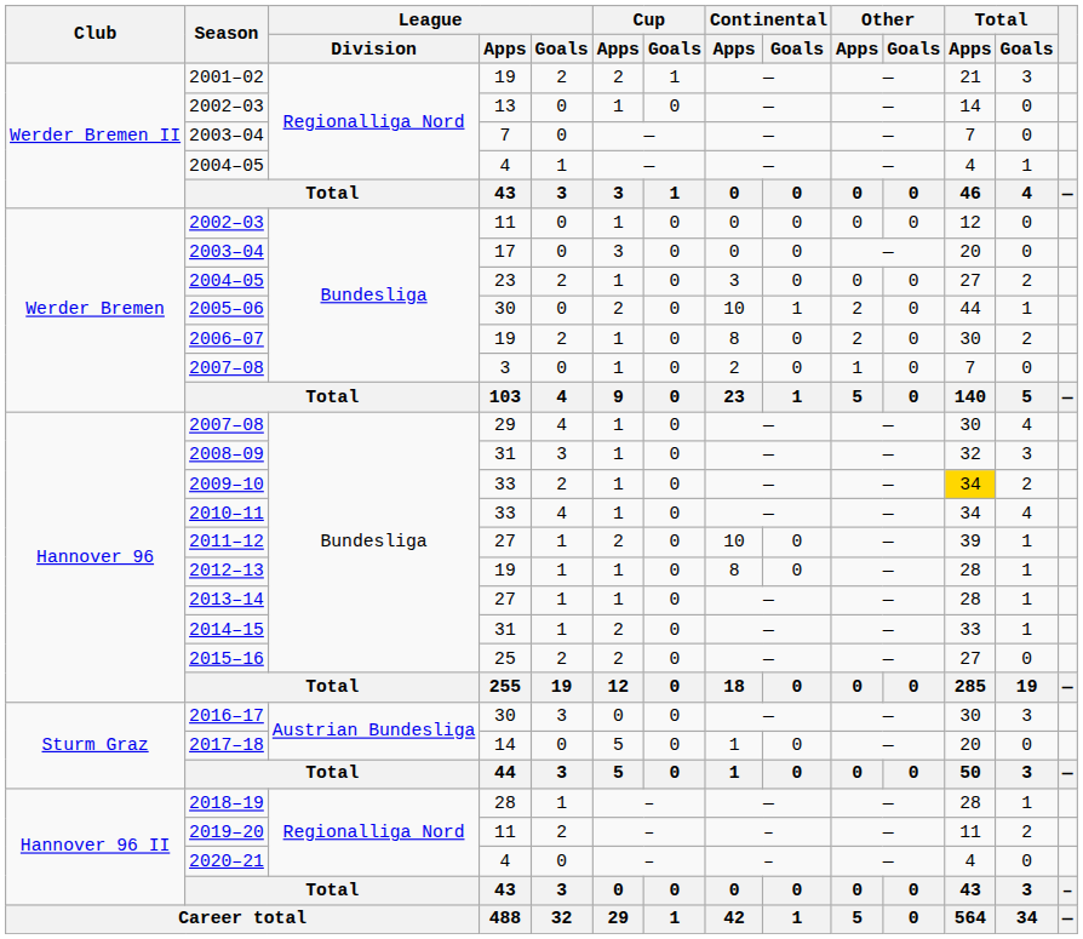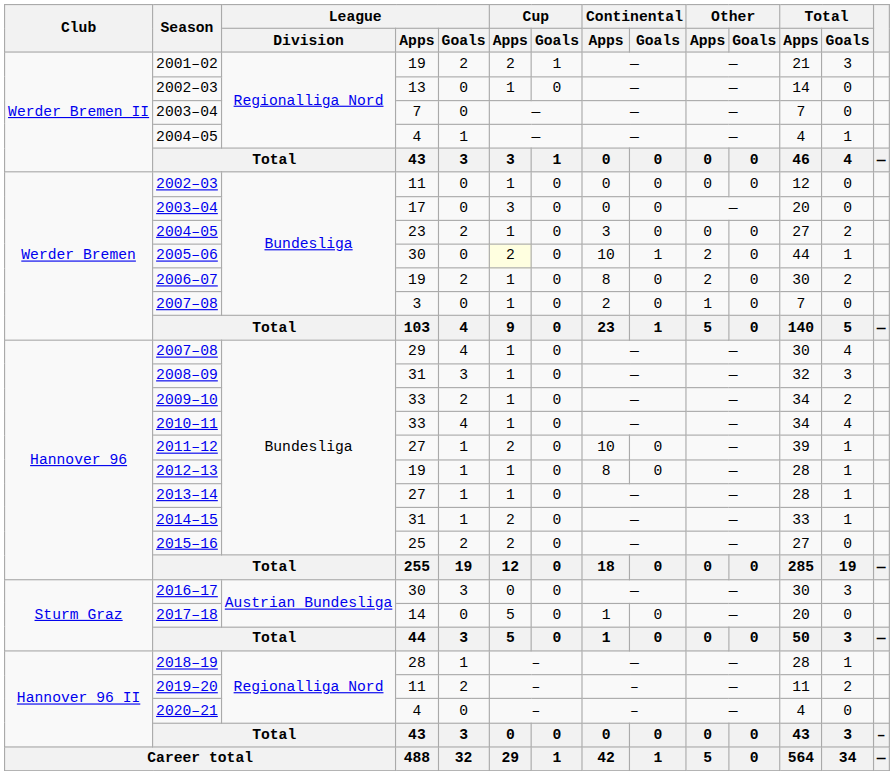 <table class="wikitable" style="text-align:center">
 <tr>
 <th rowspan="2">Club</th>
 <th rowspan="2">Season</th>
 <th colspan="3">League</th>
 <th colspan="2">Cup</th>
 <th colspan="2">Continental</th>
 <th colspan="2">Other</th>
 <th colspan="2">Total</th>
 <th rowspan="2"></th>
 </tr>
 <tr>
 <th>Division</th>
 <th>Apps</th>
 <th>Goals</th>
 <th>Apps</th>
 <th>Goals</th>
 <th>Apps</th>
 <th>Goals</th>
 <th>Apps</th>
 <th>Goals</th>
 <th>Apps</th>
 <th>Goals</th>
 </tr>
 <tr>
 <td rowspan="5"><a href='#'>Werder Bremen II</a></td>
 <td>2001–02</td>
 <td rowspan="4"><a href='#'>Regionalliga Nord</a></td>
 <td>19</td>
 <td>2</td>
 <td>2</td>
 <td>1</td>
 <td colspan="2">—</td>
 <td colspan="2">—</td>
 <td>21</td>
 <td>3</td>
 <td></td>
 </tr>
 <tr>
 <td>2002–03</td>
 <td>13</td>
 <td>0</td>
 <td>1</td>
 <td>0</td>
 <td colspan="2">—</td>
 <td colspan="2">—</td>
 <td>14</td>
 <td>0</td>
 <td></td>
 </tr>
 <tr>
 <td>2003–04</td>
 <td>7</td>
 <td>0</td>
 <td colspan="2">—</td>
 <td colspan="2">—</td>
 <td colspan="2">—</td>
 <td>7</td>
 <td>0</td>
 <td></td>
 </tr>
 <tr>
 <td>2004–05</td>
 <td>4</td>
 <td>1</td>
 <td colspan="2">—</td>
 <td colspan="2">—</td>
 <td colspan="2">—</td>
 <td>4</td>
 <td>1</td>
 <td></td>
 </tr>
 <tr>
 <th colspan="2">Total</th>
 <th>43</th>
 <th>3</th>
 <th>3</th>
 <th>1</th>
 <th>0</th>
 <th>0</th>
 <th>0</th>
 <th>0</th>
 <th>46</th>
 <th>4</th>
 <th>—</th>
 </tr>
 <tr>
 <td rowspan="7"><a href='#'>Werder Bremen</a></td>
 <td><a href='#'>2002–03</a></td>
 <td rowspan="6"><a href='#'>Bundesliga</a></td>
 <td>11</td>
 <td>0</td>
 <td>1</td>
 <td>0</td>
 <td>0</td>
 <td>0</td>
 <td>0</td>
 <td>0</td>
 <td>12</td>
 <td>0</td>
 <td></td>
 </tr>
 <tr>
 <td><a href='#'>2003–04</a></td>
 <td>17</td>
 <td>0</td>
 <td>3</td>
 <td>0</td>
 <td>0</td>
 <td>0</td>
 <td colspan="2">—</td>
 <td>20</td>
 <td>0</td>
 <td></td>
 </tr>
 <tr>
 <td><a href='#'>2004–05</a></td>
 <td>23</td>
 <td>2</td>
 <td>1</td>
 <td>0</td>
 <td>3</td>
 <td>0</td>
 <td>0</td>
 <td>0</td>
 <td>27</td>
 <td>2</td>
 <td></td>
 </tr>
 <tr>
 <td><a href='#'>2005–06</a></td>
 <td>30</td>
 <td>0</td>
-<td>2</td>
+<td style="background: lightyellow;">2</td>
 <td>0</td>
 <td>10</td>
 <td>1</td>
 <td>2</td>
 <td>0</td>
 <td>44</td>
 <td>1</td>
 <td></td>
 </tr>
 <tr>
 <td><a href='#'>2006–07</a></td>
 <td>19</td>
 <td>2</td>
 <td>1</td>
 <td>0</td>
 <td>8</td>
 <td>0</td>
 <td>2</td>
 <td>0</td>
 <td>30</td>
 <td>2</td>
 <td></td>
 </tr>
 <tr>
 <td><a href='#'>2007–08</a></td>
 <td>3</td>
 <td>0</td>
 <td>1</td>
 <td>0</td>
 <td>2</td>
 <td>0</td>
 <td>1</td>
 <td>0</td>
 <td>7</td>
 <td>0</td>
 <td></td>
 </tr>
 <tr>
 <th colspan="2">Total</th>
 <th>103</th>
 <th>4</th>
 <th>9</th>
 <th>0</th>
 <th>23</th>
 <th>1</th>
 <th>5</th>
 <th>0</th>
 <th>140</th>
 <th>5</th>
 <th>—</th>
 </tr>
 <tr>
 <td rowspan="10"><a href='#'>Hannover 96</a></td>
 <td><a href='#'>2007–08</a></td>
 <td rowspan="9">Bundesliga</td>
 <td>29</td>
 <td>4</td>
 <td>1</td>
 <td>0</td>
 <td colspan="2">—</td>
 <td colspan="2">—</td>
 <td>30</td>
 <td>4</td>
 <td></td>
 </tr>
 <tr>
 <td><a href='#'>2008–09</a></td>
 <td>31</td>
 <td>3</td>
 <td>1</td>
 <td>0</td>
 <td colspan="2">—</td>
 <td colspan="2">—</td>
 <td>32</td>
 <td>3</td>
 <td></td>
 </tr>
 <tr>
 <td><a href='#'>2009–10</a></td>
 <td>33</td>
 <td>2</td>
 <td>1</td>
 <td>0</td>
 <td colspan="2">—</td>
 <td colspan="2">—</td>
-<td style="background: gold;">34</td>
+<td>34</td>
 <td>2</td>
 <td></td>
 </tr>
 <tr>
 <td><a href='#'>2010–11</a></td>
 <td>33</td>
 <td>4</td>
 <td>1</td>
 <td>0</td>
 <td colspan="2">—</td>
 <td colspan="2">—</td>
 <td>34</td>
 <td>4</td>
 <td></td>
 </tr>
 <tr>
 <td><a href='#'>2011–12</a></td>
 <td>27</td>
 <td>1</td>
 <td>2</td>
 <td>0</td>
 <td>10</td>
 <td>0</td>
 <td colspan="2">—</td>
 <td>39</td>
 <td>1</td>
 <td></td>
 </tr>
 <tr>
 <td><a href='#'>2012–13</a></td>
 <td>19</td>
 <td>1</td>
 <td>1</td>
 <td>0</td>
 <td>8</td>
 <td>0</td>
 <td colspan="2">—</td>
 <td>28</td>
 <td>1</td>
 <td></td>
 </tr>
 <tr>
 <td><a href='#'>2013–14</a></td>
 <td>27</td>
 <td>1</td>
 <td>1</td>
 <td>0</td>
 <td colspan="2">—</td>
 <td colspan="2">—</td>
 <td>28</td>
 <td>1</td>
 <td></td>
 </tr>
 <tr>
 <td><a href='#'>2014–15</a></td>
 <td>31</td>
 <td>1</td>
 <td>2</td>
 <td>0</td>
 <td colspan="2">—</td>
 <td colspan="2">—</td>
 <td>33</td>
 <td>1</td>
 <td></td>
 </tr>
 <tr>
 <td><a href='#'>2015–16</a></td>
 <td>25</td>
 <td>2</td>
 <td>2</td>
 <td>0</td>
 <td colspan="2">—</td>
 <td colspan="2">—</td>
 <td>27</td>
 <td>0</td>
 <td></td>
 </tr>
 <tr>
 <th colspan="2">Total</th>
 <th>255</th>
 <th>19</th>
 <th>12</th>
 <th>0</th>
 <th>18</th>
 <th>0</th>
 <th>0</th>
 <th>0</th>
 <th>285</th>
 <th>19</th>
 <th>—</th>
 </tr>
 <tr>
 <td rowspan="3"><a href='#'>Sturm Graz</a></td>
 <td><a href='#'>2016–17</a></td>
 <td rowspan="2"><a href='#'>Austrian Bundesliga</a></td>
 <td>30</td>
 <td>3</td>
 <td>0</td>
 <td>0</td>
 <td colspan="2">—</td>
 <td colspan="2">—</td>
 <td>30</td>
 <td>3</td>
 <td></td>
 </tr>
 <tr>
 <td><a href='#'>2017–18</a></td>
 <td>14</td>
 <td>0</td>
 <td>5</td>
 <td>0</td>
 <td>1</td>
 <td>0</td>
 <td colspan="2">—</td>
 <td>20</td>
 <td>0</td>
 <td></td>
 </tr>
 <tr>
 <th colspan="2">Total</th>
 <th>44</th>
 <th>3</th>
 <th>5</th>
 <th>0</th>
 <th>1</th>
 <th>0</th>
 <th>0</th>
 <th>0</th>
 <th>50</th>
 <th>3</th>
 <th>—</th>
 </tr>
 <tr>
 <td rowspan="4"><a href='#'>Hannover 96 II</a></td>
 <td><a href='#'>2018–19</a></td>
 <td rowspan="3"><a href='#'>Regionalliga Nord</a></td>
 <td>28</td>
 <td>1</td>
 <td colspan="2">–</td>
 <td colspan="2">—</td>
 <td colspan="2">—</td>
 <td>28</td>
 <td>1</td>
 <td></td>
 </tr>
 <tr>
 <td><a href='#'>2019–20</a></td>
 <td>11</td>
 <td>2</td>
 <td colspan="2">–</td>
 <td colspan="2">–</td>
 <td colspan="2">—</td>
 <td>11</td>
 <td>2</td>
 <td></td>
 </tr>
 <tr>
 <td><a href='#'>2020–21</a></td>
 <td>4</td>
 <td>0</td>
 <td colspan="2">–</td>
 <td colspan="2">–</td>
 <td colspan="2">—</td>
 <td>4</td>
 <td>0</td>
 <td></td>
 </tr>
 <tr>
 <th colspan="2">Total</th>
 <th>43</th>
 <th>3</th>
 <th>0</th>
 <th>0</th>
 <th>0</th>
 <th>0</th>
 <th>0</th>
 <th>0</th>
 <th>43</th>
 <th>3</th>
 <th>–</th>
 </tr>
 <tr>
 <th colspan="3">Career total</th>
 <th>488</th>
 <th>32</th>
 <th>29</th>
 <th>1</th>
 <th>42</th>
 <th>1</th>
 <th>5</th>
 <th>0</th>
 <th>564</th>
 <th>34</th>
 <th>—</th>
 </tr>
 </table>
